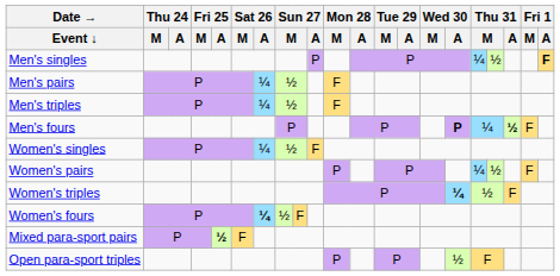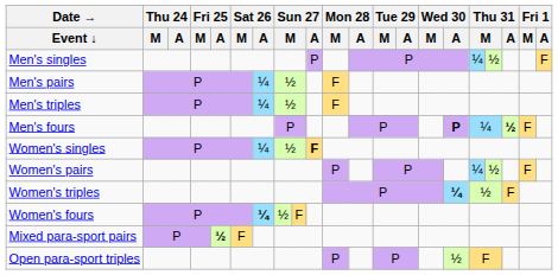 <table class="wikitable" style="margin:0.5em auto; font-size:90%; line-height:1.25em;">
 <tr style="text-align:center;">
 <th>Date →</th>
 <th colspan="2">Thu 24</th>
 <th colspan="2">Fri 25</th>
 <th colspan="2">Sat 26</th>
 <th colspan="3">Sun 27</th>
 <th colspan="2">Mon 28</th>
 <th colspan="2">Tue 29</th>
 <th colspan="2">Wed 30</th>
 <th colspan="3">Thu 31</th>
 <th colspan="2">Fri 1</th>
 </tr>
 <tr>
 <th>Event   ↓</th>
 <th>M</th>
 <th>A</th>
 <th>M</th>
 <th>A</th>
 <th>M</th>
 <th>A</th>
 <th colspan = "2">M</th>
 <th>A</th>
 <th>M</th>
 <th>A</th>
 <th>M</th>
 <th>A</th>
 <th>M</th>
 <th>A</th>
 <th colspan="2">M</th>
 <th>A</th>
 <th>M</th>
 <th>A</th>
 </tr>
 <tr style="text-align:center;">
 <td style="text-align:left;"><a href='#'>Men's singles</a></td>
 <td colspan="2"></td>
 <td colspan="2"></td>
 <td colspan="2"></td>
 <td colspan="2"></td>
 <td style="background-color:#D0A9F5;">P</td>
 <td></td>
 <td colspan="5" style="background-color:#D0A9F5">P</td>
 <td style="background-color:#97DEFF;">¼</td>
 <td style="background-color:#D9FFB2;">½</td>
 <td></td>
 <td></td>
-<td style="background-color:#FFDF80;"><strong>F</strong></td>
+<td style="background-color:#FFDF80;">F</td>
 </tr>
 <tr style="text-align:center;">
 <td style="text-align:left;"><a href='#'>Men's pairs</a></td>
 <td colspan="5" style="background-color:#D0A9F5">P</td>
 <td style="background-color:#97DEFF;">¼</td>
 <td colspan="2" style="background-color:#D9FFB2">½</td>
 <td></td>
 <td style="background-color:#FFDF80;">F</td>
 <td></td>
 <td colspan="2"></td>
 <td colspan="2"></td>
 <td colspan="3"></td>
 <td colspan="2"></td>
 </tr>
 <tr style="text-align:center;">
 <td style="text-align:left;"><a href='#'>Men's triples</a></td>
 <td colspan="5" style="background-color:#D0A9F5">P</td>
 <td style="background-color:#97DEFF;">¼</td>
 <td colspan="2" style="background-color:#D9FFB2">½</td>
 <td></td>
 <td style="background-color:#FFDF80;">F</td>
 <td></td>
 <td colspan="2"></td>
 <td colspan="2"></td>
 <td colspan="3"></td>
 <td colspan="2"></td>
 </tr>
 <tr style="text-align:center;">
 <td style="text-align:left;"><a href='#'>Men's fours</a></td>
 <td colspan="2"></td>
 <td colspan="2"></td>
 <td colspan="2"></td>
 <td colspan="2" style="background-color:#D0A9F5">P</td>
 <td></td>
 <td></td>
 <td colspan="3" style="background-color:#D0A9F5">P</td>
 <td></td>
 <td style="background-color:#D0A9F5;"><strong>P</strong></td>
 <td colspan = "2" style="background-color:#97DEFF;">¼</td>
 <td style="background-color:#D9FFB2;"><strong>½</strong></td>
 <td style="background-color:#FFDF80;">F</td>
 <td></td>
 </tr>
 <tr style="text-align:center;">
 <td style="text-align:left;"><a href='#'>Women's singles</a></td>
 <td colspan="5" style="background-color:#D0A9F5">P</td>
 <td style="background-color:#97DEFF;">¼</td>
 <td colspan="2" style="background-color:#D9FFB2">½</td>
-<td style="background-color:#FFDF80;">F</td>
+<td style="background-color:#FFDF80;"><strong>F</strong></td>
 <td colspan = "2"></td>
 <td colspan="2"></td>
 <td colspan="2"></td>
 <td colspan="3"></td>
 <td colspan="2"></td>
 </tr>
 <tr style="text-align:center;">
 <td style="text-align:left;"><a href='#'>Women's pairs</a></td>
 <td colspan="2"></td>
 <td colspan="2"></td>
 <td colspan="2"></td>
 <td colspan="3"></td>
 <td style="background-color:#D0A9F5;">P</td>
 <td></td>
 <td colspan="3" style="background-color:#D0A9F5">P</td>
 <td></td>
 <td style="background-color:#97DEFF;">¼</td>
 <td style="background-color:#D9FFB2;">½</td>
 <td></td>
 <td style="background-color:#FFDF80;">F</td>
 <td></td>
 </tr>
 <tr style="text-align:center;">
 <td style="text-align:left;"><a href='#'>Women's triples</a></td>
 <td colspan="2"></td>
 <td colspan="2"></td>
 <td colspan="2"></td>
 <td colspan="3"></td>
 <td colspan="5" style="background-color:#D0A9F5">P</td>
 <td style="background-color:#97DEFF;"><strong>¼</strong></td>
 <td colspan="2" style="background-color:#D9FFB2">½</td>
 <td style="background-color:#FFDF80;">F</td>
 <td colspan="2"></td>
 </tr>
 <tr style="text-align:center;">
 <td style="text-align:left;"><a href='#'>Women's fours</a></td>
 <td colspan="5" style="background-color:#D0A9F5">P</td>
 <td style="background-color:#97DEFF;"><strong>¼</strong></td>
 <td style="background-color:#D9FFB2;">½</td>
 <td style="background-color:#FFDF80;">F</td>
 <td></td>
 <td colspan="2"></td>
 <td colspan="2"></td>
 <td colspan="2"></td>
 <td colspan="3"></td>
 <td colspan="2"></td>
 </tr>
 <tr style="text-align:center;">
 <td style="text-align:left;"><a href='#'>Mixed para-sport pairs</a></td>
 <td colspan="3" style="background-color:#D0A9F5">P</td>
 <td style="background-color:#D9FFB2;"><strong>½</strong></td>
 <td style="background-color:#FFDF80;">F</td>
 <td></td>
 <td colspan="3"></td>
 <td colspan="2"></td>
 <td colspan="2"></td>
 <td colspan="2"></td>
 <td colspan="3"></td>
 <td colspan="2"></td>
 </tr>
 <tr style="text-align:center;">
 <td style="text-align:left;"><a href='#'>Open para-sport triples</a></td>
 <td colspan="2"></td>
 <td colspan="2"></td>
 <td colspan="2"></td>
 <td colspan="3"></td>
 <td style="background-color:#D0A9F5;">P</td>
 <td></td>
 <td colspan="2" style="background-color:#D0A9F5">P</td>
 <td></td>
 <td style="background-color:#D9FFB2;">½</td>
 <td colspan="2" style="background-color:#FFDF80">F</td>
 <td></td>
 <td colspan="2"></td>
 </tr>
 </table>
